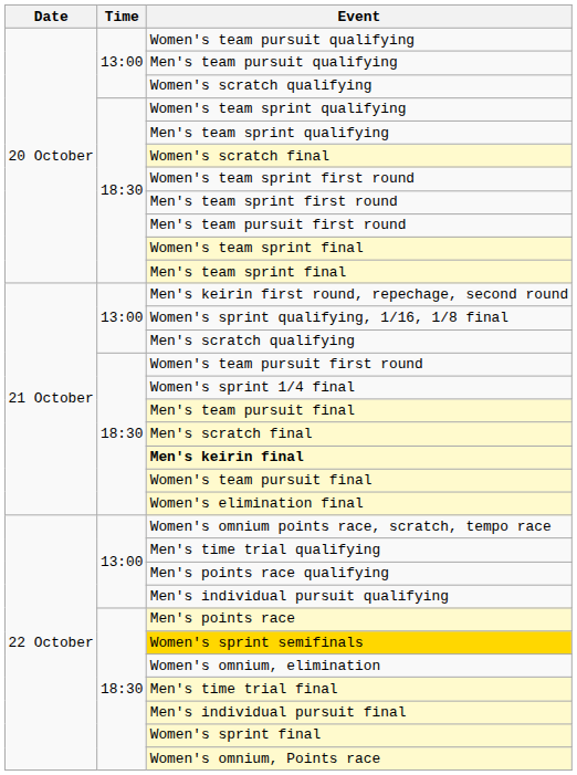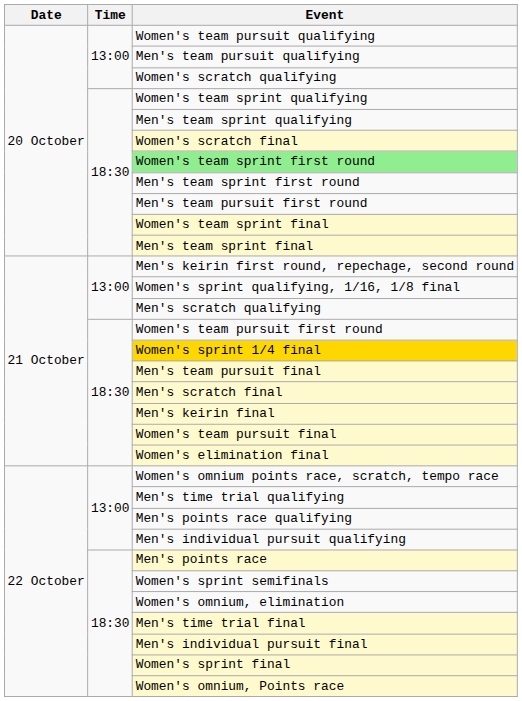 <table class="wikitable">
 <tr>
 <th>Date</th>
 <th>Time</th>
 <th>Event</th>
 </tr>
 <tr>
 <td rowspan=11>20 October</td>
 <td rowspan=3>13:00</td>
 <td>Women's team pursuit qualifying</td>
 </tr>
 <tr>
 <td>Men's team pursuit qualifying</td>
 </tr>
 <tr>
 <td>Women's scratch qualifying</td>
 </tr>
 <tr>
 <td rowspan=8>18:30</td>
 <td>Women's team sprint qualifying</td>
 </tr>
 <tr>
 <td>Men's team sprint qualifying</td>
 </tr>
 <tr>
 <td style="background:lemonchiffon">Women's scratch final</td>
 </tr>
 <tr>
-<td>Women's team sprint first round</td>
+<td style="background: lightgreen;">Women's team sprint first round</td>
 </tr>
 <tr>
 <td>Men's team sprint first round</td>
 </tr>
 <tr>
 <td>Men's team pursuit first round</td>
 </tr>
 <tr>
 <td style="background:lemonchiffon">Women's team sprint final</td>
 </tr>
 <tr>
 <td style="background:lemonchiffon">Men's team sprint final</td>
 </tr>
 <tr>
 <td rowspan=10>21 October</td>
 <td rowspan=3>13:00</td>
 <td>Men's keirin first round, repechage, second round</td>
 </tr>
 <tr>
 <td>Women's sprint qualifying, 1/16, 1/8 final</td>
 </tr>
 <tr>
 <td>Men's scratch qualifying</td>
 </tr>
 <tr>
 <td rowspan=7>18:30</td>
 <td>Women's team pursuit first round</td>
 </tr>
 <tr>
-<td>Women's sprint 1/4 final</td>
+<td style="background: gold;">Women's sprint 1/4 final</td>
 </tr>
 <tr>
 <td style="background:lemonchiffon">Men's team pursuit final</td>
 </tr>
 <tr>
 <td style="background:lemonchiffon">Men's scratch final</td>
 </tr>
 <tr>
-<td style="background:lemonchiffon"><strong>Men's keirin final</strong></td>
+<td style="background:lemonchiffon">Men's keirin final</td>
 </tr>
 <tr>
 <td style="background:lemonchiffon">Women's team pursuit final</td>
 </tr>
 <tr>
 <td style="background:lemonchiffon">Women's elimination final</td>
 </tr>
 <tr>
 <td rowspan=11>22 October</td>
 <td rowspan=4>13:00</td>
 <td>Women's omnium points race, scratch, tempo race</td>
 </tr>
 <tr>
 <td>Men's time trial qualifying</td>
 </tr>
 <tr>
 <td>Men's points race qualifying</td>
 </tr>
 <tr>
 <td>Men's individual pursuit qualifying</td>
 </tr>
 <tr>
 <td rowspan=7>18:30</td>
 <td style="background:lemonchiffon">Men's points race</td>
 </tr>
 <tr>
-<td style="background: gold;">Women's sprint semifinals</td>
+<td>Women's sprint semifinals</td>
 </tr>
 <tr>
 <td>Women's omnium, elimination</td>
 </tr>
 <tr>
 <td style="background:lemonchiffon">Men's time trial final</td>
 </tr>
 <tr>
 <td style="background:lemonchiffon">Men's individual pursuit final</td>
 </tr>
 <tr>
 <td style="background:lemonchiffon">Women's sprint final</td>
 </tr>
 <tr>
 <td style="background:lemonchiffon">Women's omnium, Points race</td>
 </tr>
 </table>
